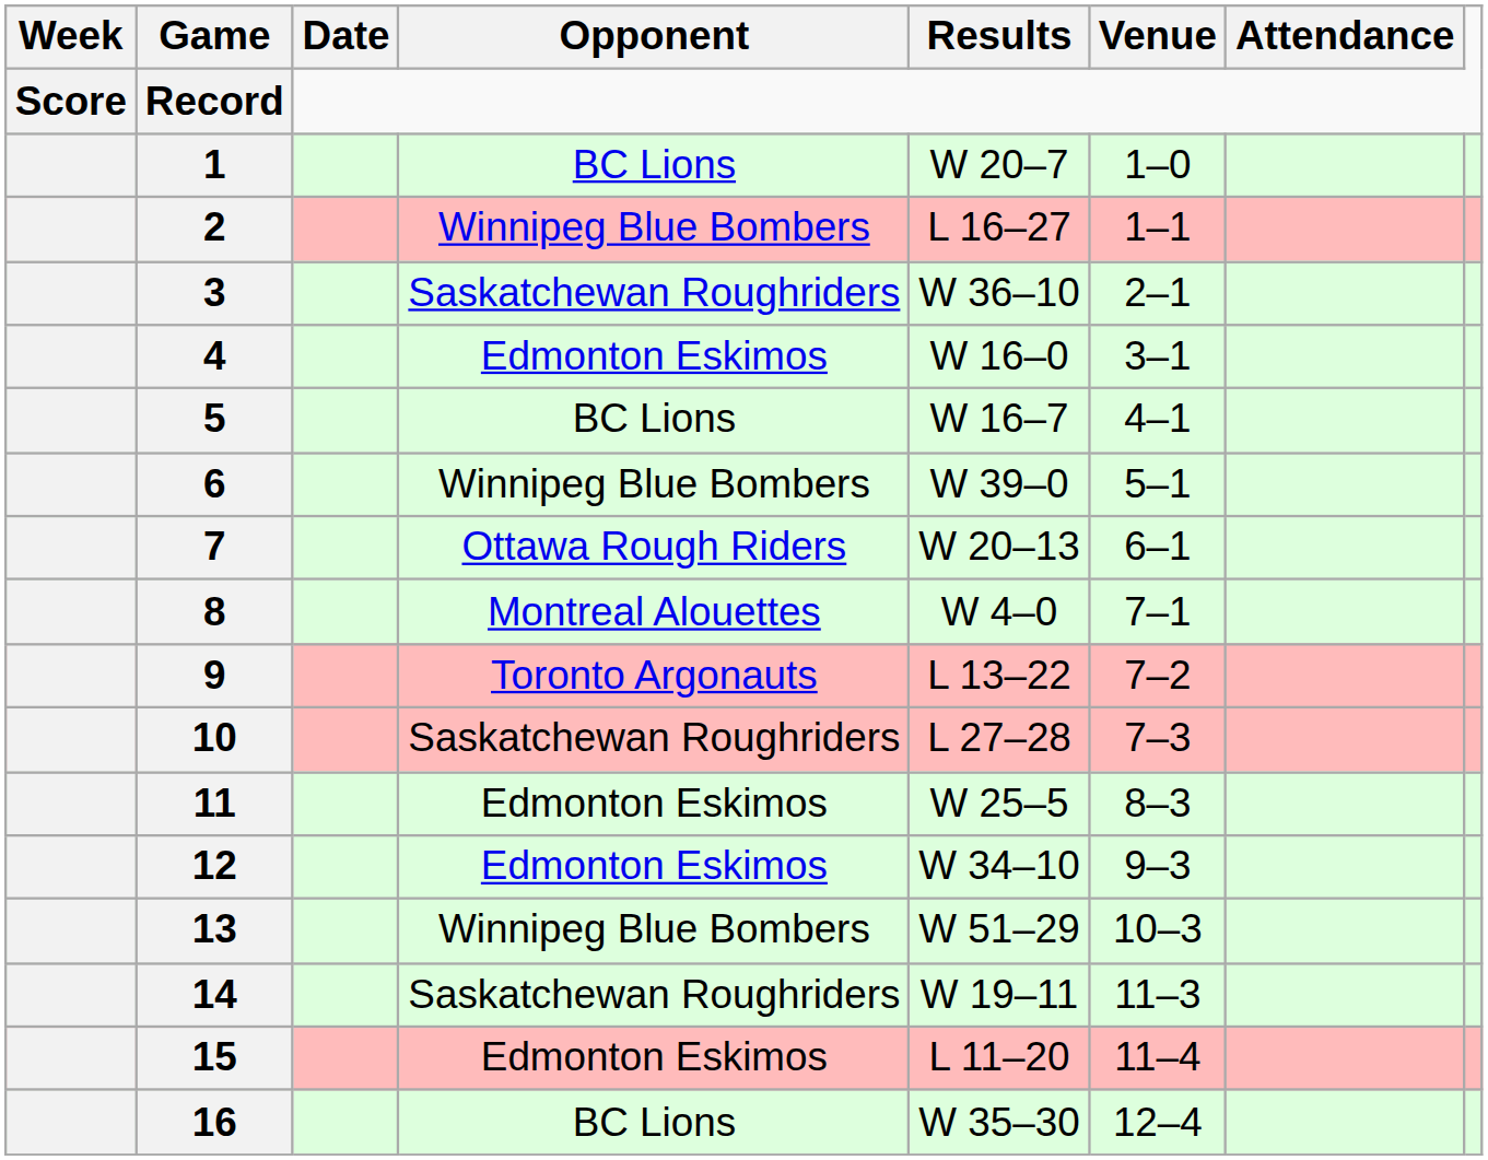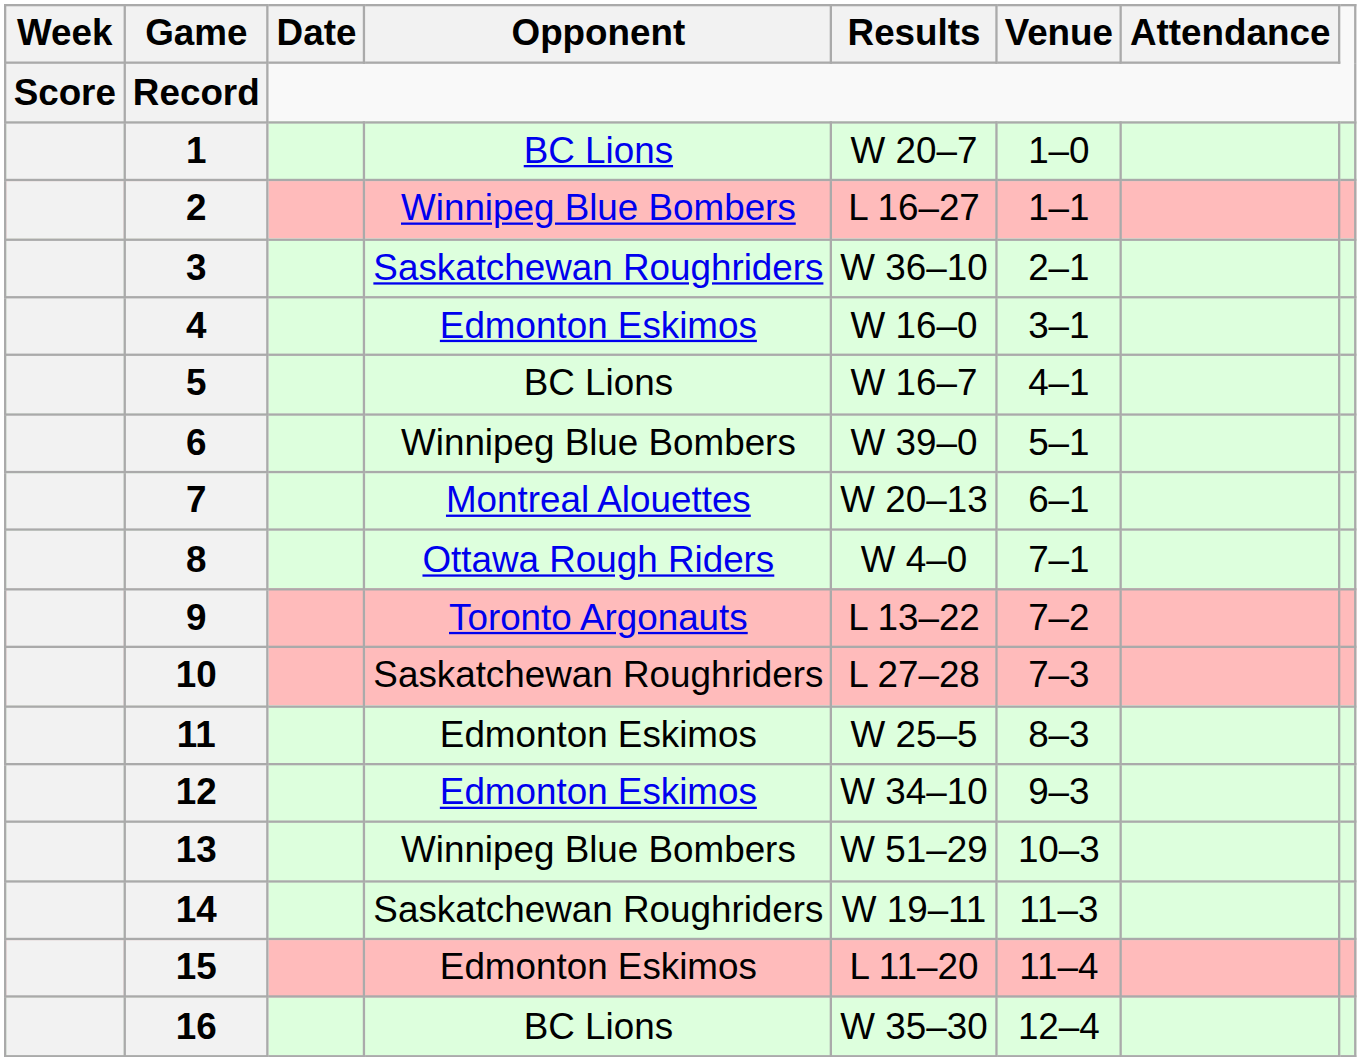 <table class="wikitable" style="text-align:center">
 <tr>
 <th>Week</th>
 <th>Game</th>
 <th>Date</th>
 <th>Opponent</th>
 <th>Results</th>
 <th>Venue</th>
 <th>Attendance</th>
 </tr>
 <tr>
 <th>Score</th>
 <th>Record</th>
 </tr>
 <tr style="background:#ddffdd">
 <th></th>
 <th>1</th>
 <td></td>
 <td><a href='#'>BC Lions</a></td>
 <td>W 20–7</td>
 <td>1–0</td>
 <td></td>
 <td></td>
 </tr>
 <tr style="background:#ffbbbb">
 <th></th>
 <th>2</th>
 <td></td>
 <td><a href='#'>Winnipeg Blue Bombers</a></td>
 <td>L 16–27</td>
 <td>1–1</td>
 <td></td>
 <td></td>
 </tr>
 <tr style="background:#ddffdd">
 <th></th>
 <th>3</th>
 <td></td>
 <td><a href='#'>Saskatchewan Roughriders</a></td>
 <td>W 36–10</td>
 <td>2–1</td>
 <td></td>
 <td></td>
 </tr>
 <tr style="background:#ddffdd">
 <th></th>
 <th>4</th>
 <td></td>
 <td><a href='#'>Edmonton Eskimos</a></td>
 <td>W 16–0</td>
 <td>3–1</td>
 <td></td>
 <td></td>
 </tr>
 <tr style="background:#ddffdd">
 <th></th>
 <th>5</th>
 <td></td>
 <td>BC Lions</td>
 <td>W 16–7</td>
 <td>4–1</td>
 <td></td>
 <td></td>
 </tr>
 <tr style="background:#ddffdd">
 <th></th>
 <th>6</th>
 <td></td>
 <td>Winnipeg Blue Bombers</td>
 <td>W 39–0</td>
 <td>5–1</td>
 <td></td>
 <td></td>
 </tr>
 <tr style="background:#ddffdd">
 <th></th>
 <th>7</th>
 <td></td>
-<td><a href='#'>Ottawa Rough Riders</a></td>
+<td><a href='#'>Montreal Alouettes</a></td>
 <td>W 20–13</td>
 <td>6–1</td>
 <td></td>
 <td></td>
 </tr>
 <tr style="background:#ddffdd">
 <th></th>
 <th>8</th>
 <td></td>
-<td><a href='#'>Montreal Alouettes</a></td>
+<td><a href='#'>Ottawa Rough Riders</a></td>
 <td>W 4–0</td>
 <td>7–1</td>
 <td></td>
 <td></td>
 </tr>
 <tr style="background:#ffbbbb">
 <th></th>
 <th>9</th>
 <td></td>
 <td><a href='#'>Toronto Argonauts</a></td>
 <td>L 13–22</td>
 <td>7–2</td>
 <td></td>
 <td></td>
 </tr>
 <tr style="background:#ffbbbb">
 <th></th>
 <th>10</th>
 <td></td>
 <td>Saskatchewan Roughriders</td>
 <td>L 27–28</td>
 <td>7–3</td>
 <td></td>
 <td></td>
 </tr>
 <tr style="background:#ddffdd">
 <th></th>
 <th>11</th>
 <td></td>
 <td>Edmonton Eskimos</td>
 <td>W 25–5</td>
 <td>8–3</td>
 <td></td>
 <td></td>
 </tr>
 <tr style="background:#ddffdd">
 <th></th>
 <th>12</th>
 <td></td>
 <td><a href='#'>Edmonton Eskimos</a></td>
 <td>W 34–10</td>
 <td>9–3</td>
 <td></td>
 <td></td>
 </tr>
 <tr style="background:#ddffdd">
 <th></th>
 <th>13</th>
 <td></td>
 <td>Winnipeg Blue Bombers</td>
 <td>W 51–29</td>
 <td>10–3</td>
 <td></td>
 <td></td>
 </tr>
 <tr style="background:#ddffdd">
 <th></th>
 <th>14</th>
 <td></td>
 <td>Saskatchewan Roughriders</td>
 <td>W 19–11</td>
 <td>11–3</td>
 <td></td>
 <td></td>
 </tr>
 <tr style="background:#ffbbbb">
 <th></th>
 <th>15</th>
 <td></td>
 <td>Edmonton Eskimos</td>
 <td>L 11–20</td>
 <td>11–4</td>
 <td></td>
 <td></td>
 </tr>
 <tr style="background:#ddffdd">
 <th></th>
 <th>16</th>
 <td></td>
 <td>BC Lions</td>
 <td>W 35–30</td>
 <td>12–4</td>
 <td></td>
 <td></td>
 </tr>
 </table>
